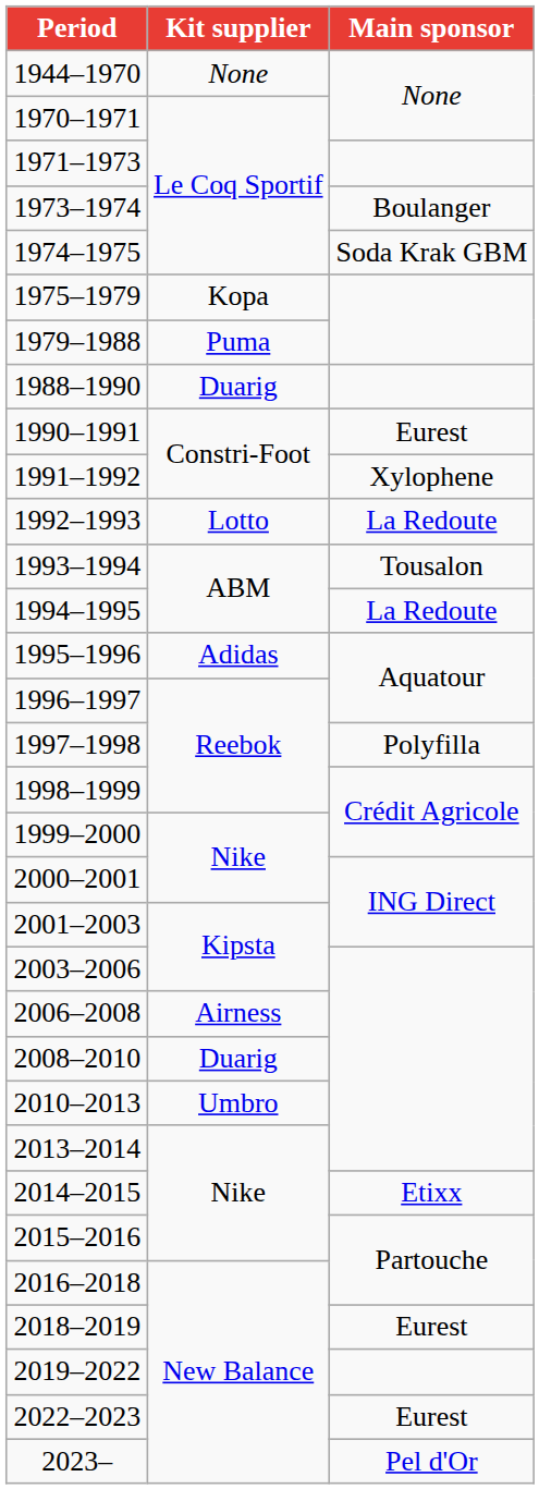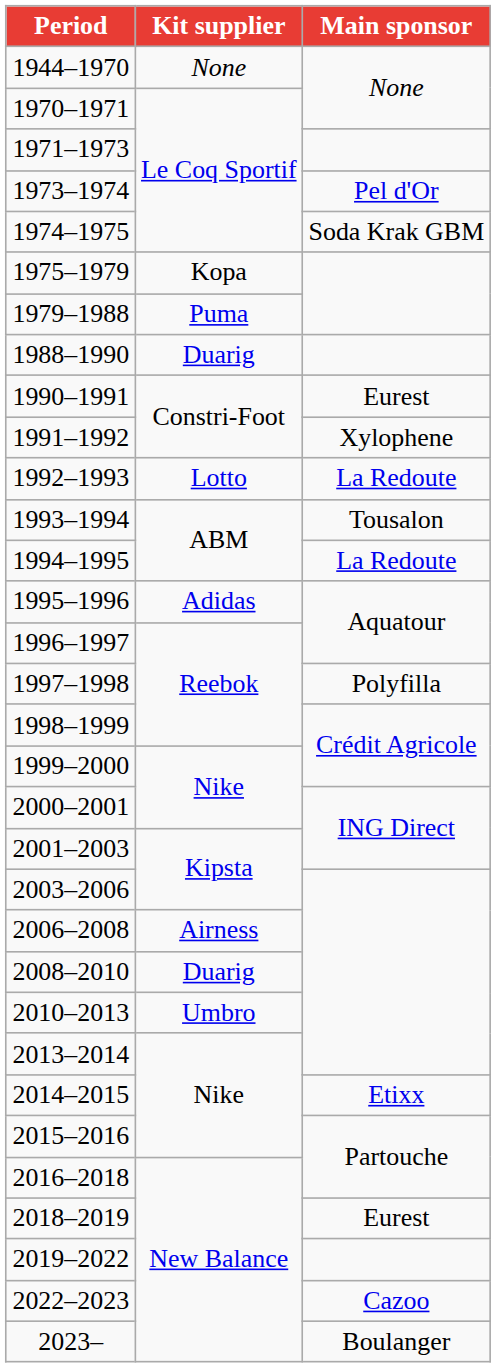 <table class="wikitable" style="text-align:center;margin-left:1em;float:right">
 <tr>
 <th style="background:#E83C34; color:#FFFFFF; ">Period</th>
 <th style="background:#E83C34; color:#FFFFFF; ">Kit supplier</th>
 <th style="background:#E83C34; color:#FFFFFF; ">Main sponsor</th>
 </tr>
 <tr>
 <td>1944–1970</td>
 <td><em>None</em></td>
 <td rowspan=2><em>None</em></td>
 </tr>
 <tr>
 <td>1970–1971</td>
 <td rowspan=4><a href='#'>Le Coq Sportif</a></td>
 </tr>
 <tr>
 <td>1971–1973</td>
 <td></td>
 </tr>
 <tr>
 <td>1973–1974</td>
-<td>Boulanger</td>
+<td><a href='#'>Pel d'Or</a></td>
 </tr>
 <tr>
 <td>1974–1975</td>
 <td>Soda Krak GBM</td>
 </tr>
 <tr>
 <td>1975–1979</td>
 <td>Kopa</td>
 <td rowspan=2></td>
 </tr>
 <tr>
 <td>1979–1988</td>
 <td><a href='#'>Puma</a></td>
 </tr>
 <tr>
 <td>1988–1990</td>
 <td><a href='#'>Duarig</a></td>
 <td></td>
 </tr>
 <tr>
 <td>1990–1991</td>
 <td rowspan=2>Constri-Foot</td>
 <td>Eurest</td>
 </tr>
 <tr>
 <td>1991–1992</td>
 <td>Xylophene</td>
 </tr>
 <tr>
 <td>1992–1993</td>
 <td><a href='#'>Lotto</a></td>
 <td><a href='#'>La Redoute</a></td>
 </tr>
 <tr>
 <td>1993–1994</td>
 <td rowspan=2>ABM</td>
 <td>Tousalon</td>
 </tr>
 <tr>
 <td>1994–1995</td>
 <td><a href='#'>La Redoute</a></td>
 </tr>
 <tr>
 <td>1995–1996</td>
 <td><a href='#'>Adidas</a></td>
 <td rowspan=2>Aquatour</td>
 </tr>
 <tr>
 <td>1996–1997</td>
 <td rowspan=3><a href='#'>Reebok</a></td>
 </tr>
 <tr>
 <td>1997–1998</td>
 <td>Polyfilla</td>
 </tr>
 <tr>
 <td>1998–1999</td>
 <td rowspan=2><a href='#'>Crédit Agricole</a></td>
 </tr>
 <tr>
 <td>1999–2000</td>
 <td rowspan=2><a href='#'>Nike</a></td>
 </tr>
 <tr>
 <td>2000–2001</td>
 <td rowspan=2><a href='#'>ING Direct</a></td>
 </tr>
 <tr>
 <td>2001–2003</td>
 <td rowspan=2><a href='#'>Kipsta</a></td>
 </tr>
 <tr>
 <td>2003–2006</td>
 <td rowspan=5></td>
 </tr>
 <tr>
 <td>2006–2008</td>
 <td><a href='#'>Airness</a></td>
 </tr>
 <tr>
 <td>2008–2010</td>
 <td><a href='#'>Duarig</a></td>
 </tr>
 <tr>
 <td>2010–2013</td>
 <td><a href='#'>Umbro</a></td>
 </tr>
 <tr>
 <td>2013–2014</td>
 <td rowspan=3>Nike</td>
 </tr>
 <tr>
 <td>2014–2015</td>
 <td><a href='#'>Etixx</a></td>
 </tr>
 <tr>
 <td>2015–2016</td>
 <td rowspan=2>Partouche</td>
 </tr>
 <tr>
 <td>2016–2018</td>
 <td rowspan=5><a href='#'>New Balance</a></td>
 </tr>
 <tr>
 <td>2018–2019</td>
 <td>Eurest</td>
 </tr>
 <tr>
 <td>2019–2022</td>
 <td></td>
 </tr>
 <tr>
 <td>2022–2023</td>
-<td>Eurest</td>
+<td><a href='#'>Cazoo</a></td>
 </tr>
 <tr>
 <td>2023–</td>
-<td><a href='#'>Pel d'Or</a></td>
+<td>Boulanger</td>
 </tr>
 </table>
